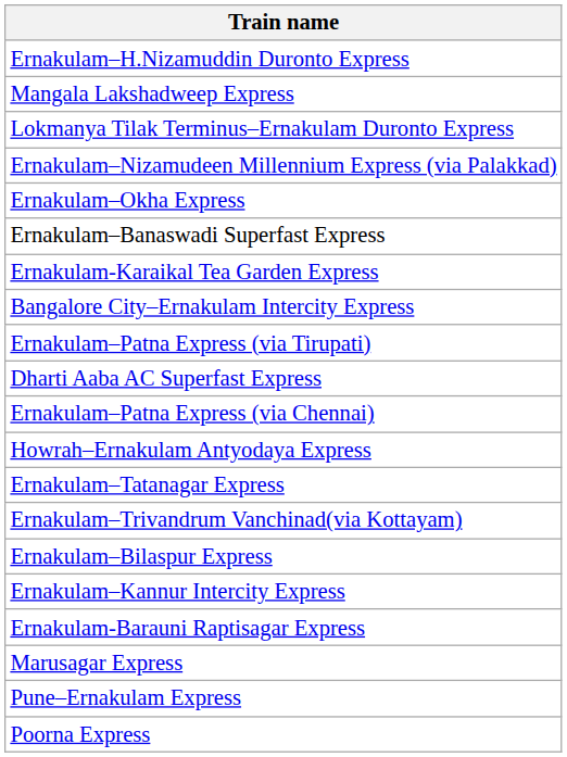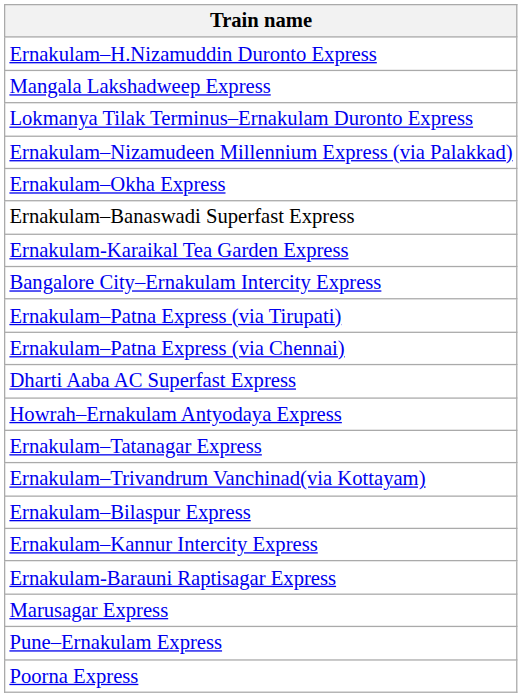 <table class="wikitable sortable plainrowheaders" style="background:#fff;">
 <tr>
 <th scope="col">Train name</th>
 </tr>
 <tr>
 <td><a href='#'>Ernakulam–H.Nizamuddin Duronto Express</a></td>
 </tr>
 <tr>
 <td><a href='#'>Mangala Lakshadweep Express</a></td>
 </tr>
 <tr>
 <td><a href='#'>Lokmanya Tilak Terminus–Ernakulam Duronto Express</a></td>
 </tr>
 <tr>
 <td><a href='#'>Ernakulam–Nizamudeen Millennium Express (via Palakkad)</a></td>
 </tr>
 <tr>
 <td><a href='#'>Ernakulam–Okha Express</a></td>
 </tr>
 <tr>
 <td>Ernakulam–Banaswadi Superfast Express</td>
 </tr>
 <tr>
 <td><a href='#'>Ernakulam-Karaikal Tea Garden Express</a></td>
 </tr>
 <tr>
 <td><a href='#'>Bangalore City–Ernakulam Intercity Express</a></td>
 </tr>
 <tr>
 <td><a href='#'>Ernakulam–Patna Express (via Tirupati)</a></td>
 </tr>
 <tr>
-<td><a href='#'>Dharti Aaba AC Superfast Express</a></td>
+<td><a href='#'>Ernakulam–Patna Express (via Chennai)</a></td>
 </tr>
 <tr>
-<td><a href='#'>Ernakulam–Patna Express (via Chennai)</a></td>
+<td><a href='#'>Dharti Aaba AC Superfast Express</a></td>
 </tr>
 <tr>
 <td><a href='#'>Howrah–Ernakulam Antyodaya Express</a></td>
 </tr>
 <tr>
 <td><a href='#'>Ernakulam–Tatanagar Express</a></td>
 </tr>
 <tr>
 <td><a href='#'>Ernakulam–Trivandrum Vanchinad(via Kottayam)</a></td>
 </tr>
 <tr>
 <td><a href='#'>Ernakulam–Bilaspur Express</a></td>
 </tr>
 <tr>
 <td><a href='#'>Ernakulam–Kannur Intercity Express</a></td>
 </tr>
 <tr>
 <td><a href='#'>Ernakulam-Barauni Raptisagar Express</a></td>
 </tr>
 <tr>
 <td><a href='#'>Marusagar Express</a></td>
 </tr>
 <tr>
 <td><a href='#'>Pune–Ernakulam Express</a></td>
 </tr>
 <tr>
 <td><a href='#'>Poorna Express</a></td>
 </tr>
 </table>
